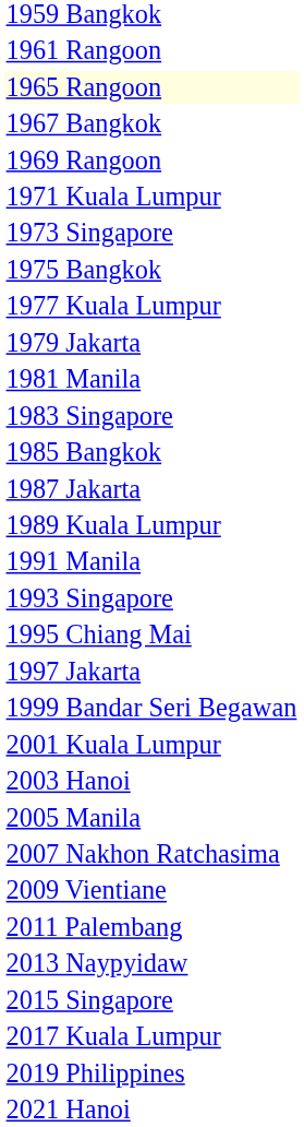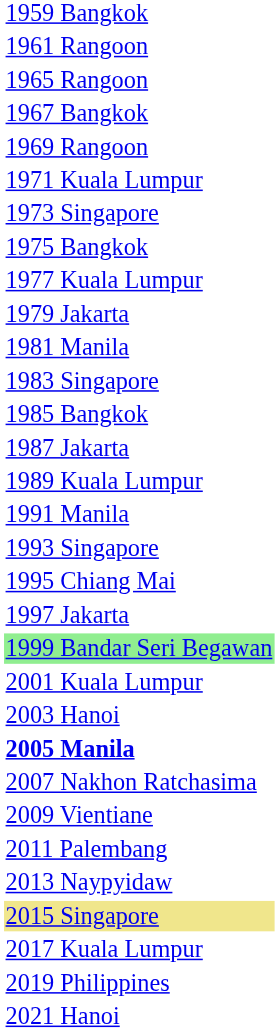 <table>
 <tr>
 <td><a href='#'>1959 Bangkok</a></td>
 <td></td>
 <td></td>
 <td></td>
 </tr>
 <tr>
 <td><a href='#'>1961 Rangoon</a></td>
 <td></td>
 <td></td>
 <td></td>
 </tr>
 <tr>
-<td style="background: lightyellow;"><a href='#'>1965 Rangoon</a></td>
+<td><a href='#'>1965 Rangoon</a></td>
 <td></td>
 <td></td>
 <td></td>
 </tr>
 <tr>
 <td><a href='#'>1967 Bangkok</a></td>
 <td></td>
 <td></td>
 <td></td>
 </tr>
 <tr>
 <td><a href='#'>1969 Rangoon</a></td>
 <td></td>
 <td></td>
 <td></td>
 </tr>
 <tr>
 <td><a href='#'>1971 Kuala Lumpur</a></td>
 <td></td>
 <td></td>
 <td></td>
 </tr>
 <tr>
 <td><a href='#'>1973 Singapore</a></td>
 <td></td>
 <td></td>
 <td></td>
 </tr>
 <tr>
 <td><a href='#'>1975 Bangkok</a></td>
 <td></td>
 <td></td>
 <td></td>
 </tr>
 <tr>
 <td><a href='#'>1977 Kuala Lumpur</a></td>
 <td></td>
 <td></td>
 <td></td>
 </tr>
 <tr>
 <td><a href='#'>1979 Jakarta</a></td>
 <td></td>
 <td></td>
 <td></td>
 </tr>
 <tr>
 <td><a href='#'>1981 Manila</a></td>
 <td></td>
 <td></td>
 <td></td>
 </tr>
 <tr>
 <td><a href='#'>1983 Singapore</a></td>
 <td></td>
 <td></td>
 <td></td>
 </tr>
 <tr>
 <td><a href='#'>1985 Bangkok</a></td>
 <td></td>
 <td></td>
 <td></td>
 </tr>
 <tr>
 <td><a href='#'>1987 Jakarta</a></td>
 <td></td>
 <td></td>
 <td></td>
 </tr>
 <tr>
 <td><a href='#'>1989 Kuala Lumpur</a></td>
 <td></td>
 <td></td>
 <td></td>
 </tr>
 <tr>
 <td><a href='#'>1991 Manila</a></td>
 <td></td>
 <td></td>
 <td></td>
 </tr>
 <tr>
 <td><a href='#'>1993 Singapore</a></td>
 <td></td>
 <td></td>
 <td></td>
 </tr>
 <tr>
 <td><a href='#'>1995 Chiang Mai</a></td>
 <td></td>
 <td></td>
 <td></td>
 </tr>
 <tr>
 <td><a href='#'>1997 Jakarta</a></td>
 <td></td>
 <td></td>
 <td></td>
 </tr>
 <tr>
-<td><a href='#'>1999 Bandar Seri Begawan</a></td>
+<td style="background: lightgreen;"><a href='#'>1999 Bandar Seri Begawan</a></td>
 <td></td>
 <td></td>
 <td></td>
 </tr>
 <tr>
 <td><a href='#'>2001 Kuala Lumpur</a></td>
 <td></td>
 <td></td>
 <td></td>
 </tr>
 <tr>
 <td><a href='#'>2003 Hanoi</a></td>
 <td></td>
 <td></td>
 <td></td>
 </tr>
 <tr>
-<td><a href='#'>2005 Manila</a></td>
+<td><strong><a href='#'>2005 Manila</a></strong></td>
 <td></td>
 <td></td>
 <td></td>
 </tr>
 <tr>
 <td><a href='#'>2007 Nakhon Ratchasima</a></td>
 <td></td>
 <td></td>
 <td></td>
 </tr>
 <tr>
 <td><a href='#'>2009 Vientiane</a></td>
 <td></td>
 <td></td>
 <td></td>
 </tr>
 <tr>
 <td><a href='#'>2011 Palembang</a></td>
 <td></td>
 <td></td>
 <td></td>
 </tr>
 <tr>
 <td><a href='#'>2013 Naypyidaw</a></td>
 <td></td>
 <td></td>
 <td></td>
 </tr>
 <tr>
-<td><a href='#'>2015 Singapore</a></td>
+<td style="background: khaki;"><a href='#'>2015 Singapore</a></td>
 <td></td>
 <td></td>
 <td></td>
 </tr>
 <tr>
 <td><a href='#'>2017 Kuala Lumpur</a></td>
 <td></td>
 <td></td>
 <td></td>
 </tr>
 <tr>
 <td><a href='#'>2019 Philippines</a></td>
 <td></td>
 <td></td>
 <td></td>
 </tr>
 <tr>
 <td><a href='#'>2021 Hanoi</a></td>
 <td></td>
 <td></td>
 <td></td>
 </tr>
 <tr>
 </tr>
 </table>
